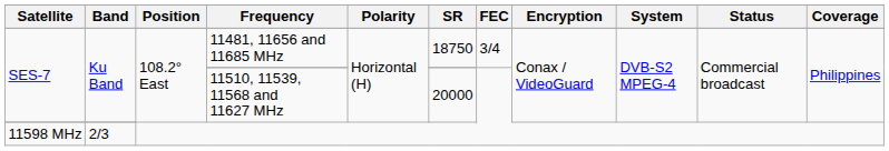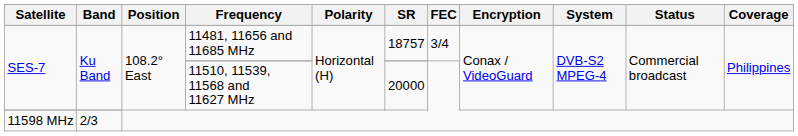 <table class="wikitable float center" style="=width:500px;">
 <tr>
 </tr>
 <tr style="font-size:90%">
 <th>Satellite</th>
 <th>Band</th>
 <th>Position</th>
 <th>Frequency</th>
 <th>Polarity</th>
 <th>SR</th>
 <th>FEC</th>
 <th>Encryption</th>
 <th>System</th>
 <th>Status</th>
 <th>Coverage</th>
 </tr>
 <tr>
 </tr>
 <tr style="font-size:90%">
 <td rowspan=3><a href='#'>SES-7</a></td>
 <td rowspan=3><a href='#'>Ku Band</a></td>
 <td rowspan=3>108.2° East</td>
 <td>11481, 11656 and 11685 MHz</td>
 <td rowspan=3>Horizontal (H)</td>
-<td>18750</td>
+<td>18757</td>
 <td rowspan=2>3/4</td>
 <td rowspan=3>Conax / <a href='#'>VideoGuard</a></td>
 <td rowspan=3><a href='#'>DVB-S2</a> <a href='#'>MPEG-4</a></td>
 <td rowspan=3>Commercial broadcast</td>
 <td rowspan=3><a href='#'>Philippines</a></td>
 </tr>
 <tr>
 </tr>
 <tr style="font-size:90%">
 <td>11510, 11539, 11568 and 11627 MHz</td>
 <td rowspan=2>20000</td>
 </tr>
 <tr>
 </tr>
 <tr style="font-size:90%">
 <td>11598 MHz</td>
 <td>2/3</td>
 </tr>
 </table>
